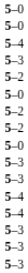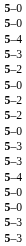 <table width="100%" cellspacing="1">
 <tr>
 <th width=45%></th>
 <th width=10%></th>
 <th width=45%></th>
 </tr>
 <tr>
 <td><strong></strong></td>
 <td align=center><strong>5</strong>–0</td>
 <td></td>
 </tr>
 <tr>
 <td><strong></strong></td>
 <td align=center><strong>5</strong>–0</td>
 <td></td>
 </tr>
 <tr>
 <td><strong></strong></td>
 <td align=center><strong>5</strong>–4</td>
 <td></td>
 </tr>
 <tr>
 <td><strong></strong></td>
 <td align=center><strong>5</strong>–3</td>
 <td></td>
 </tr>
 <tr>
 <td><strong></strong></td>
 <td align=center><strong>5</strong>–2</td>
 <td></td>
 </tr>
 <tr>
 <td><strong></strong></td>
 <td align=center><strong>5</strong>–0</td>
 <td></td>
 </tr>
 <tr>
 <td><strong></strong></td>
 <td align=center><strong>5</strong>–2</td>
 <td></td>
 </tr>
 <tr>
 <td><strong></strong></td>
 <td align=center><strong>5</strong>–2</td>
 <td></td>
 </tr>
 <tr>
 <td><strong></strong></td>
 <td align=center><strong>5</strong>–0</td>
 <td></td>
 </tr>
 <tr>
 <td><strong></strong></td>
 <td align=center><strong>5</strong>–3</td>
 <td></td>
 </tr>
 <tr>
 <td><strong></strong></td>
 <td align=center><strong>5</strong>–3</td>
 <td></td>
 </tr>
 <tr>
 <td><strong></strong></td>
 <td align=center><strong>5</strong>–4</td>
 <td></td>
 </tr>
 <tr>
 <td><strong></strong></td>
-<td align=center><strong>5</strong>–4</td>
+<td align=center><strong>5</strong>–0</td>
 <td></td>
 </tr>
 <tr>
 <td><strong></strong></td>
-<td align=center><strong>5</strong>–3</td>
+<td align=center><strong>5</strong>–0</td>
 <td></td>
 </tr>
 <tr>
 <td><strong></strong></td>
 <td align=center><strong>5</strong>–3</td>
 <td></td>
 </tr>
 <tr>
 <td><strong></strong></td>
 <td align=center><strong>5</strong>–3</td>
 <td></td>
 </tr>
 </table>
